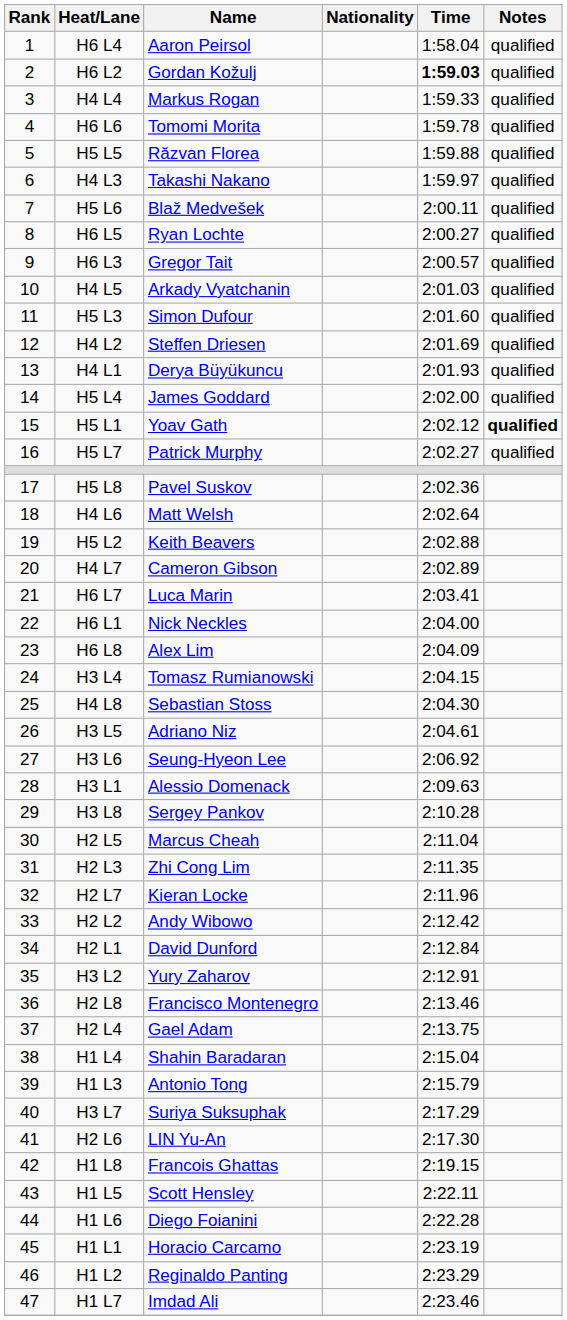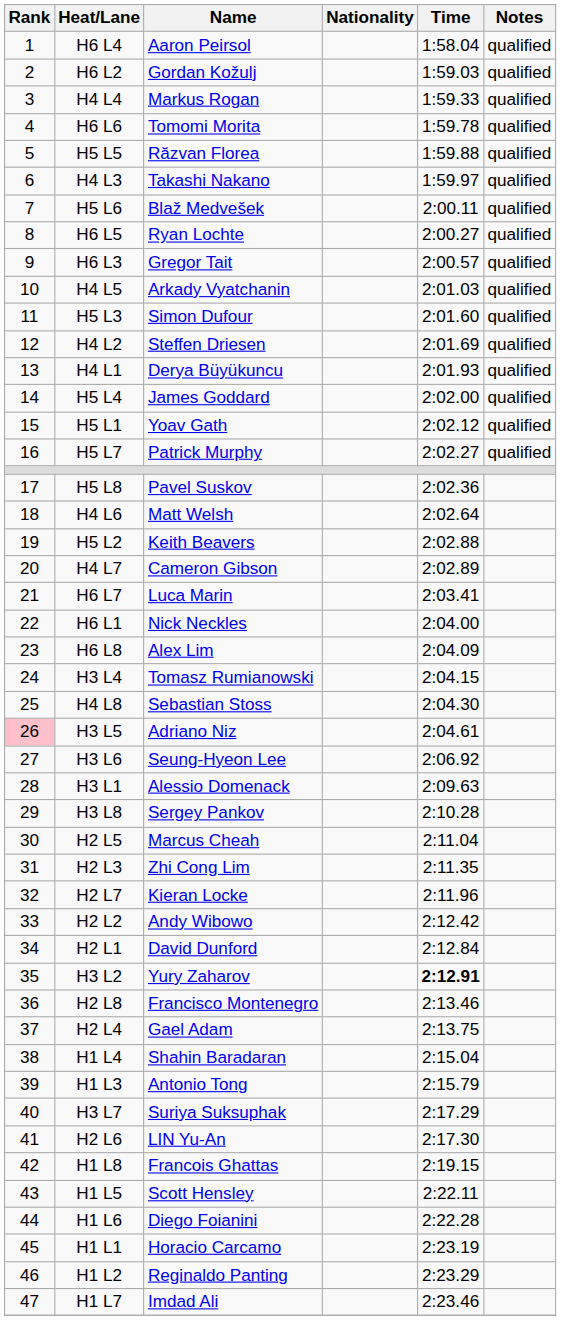 <table class="wikitable sortable" style="text-align:center">
 <tr>
 <th>Rank</th>
 <th>Heat/Lane</th>
 <th>Name</th>
 <th>Nationality</th>
 <th>Time</th>
 <th>Notes</th>
 </tr>
 <tr>
 <td>1</td>
 <td>H6 L4</td>
 <td align=left><a href='#'>Aaron Peirsol</a></td>
 <td align=left></td>
 <td>1:58.04</td>
 <td>qualified</td>
 </tr>
 <tr>
 <td>2</td>
 <td>H6 L2</td>
 <td align=left><a href='#'>Gordan Kožulj</a></td>
 <td align=left></td>
-<td><strong>1:59.03</strong></td>
+<td>1:59.03</td>
 <td>qualified</td>
 </tr>
 <tr>
 <td>3</td>
 <td>H4 L4</td>
 <td align=left><a href='#'>Markus Rogan</a></td>
 <td align=left></td>
 <td>1:59.33</td>
 <td>qualified</td>
 </tr>
 <tr>
 <td>4</td>
 <td>H6 L6</td>
 <td align=left><a href='#'>Tomomi Morita</a></td>
 <td align=left></td>
 <td>1:59.78</td>
 <td>qualified</td>
 </tr>
 <tr>
 <td>5</td>
 <td>H5 L5</td>
 <td align=left><a href='#'>Răzvan Florea</a></td>
 <td align=left></td>
 <td>1:59.88</td>
 <td>qualified</td>
 </tr>
 <tr>
 <td>6</td>
 <td>H4 L3</td>
 <td align=left><a href='#'>Takashi Nakano</a></td>
 <td align=left></td>
 <td>1:59.97</td>
 <td>qualified</td>
 </tr>
 <tr>
 <td>7</td>
 <td>H5 L6</td>
 <td align=left><a href='#'>Blaž Medvešek</a></td>
 <td align=left></td>
 <td>2:00.11</td>
 <td>qualified</td>
 </tr>
 <tr>
 <td>8</td>
 <td>H6 L5</td>
 <td align=left><a href='#'>Ryan Lochte</a></td>
 <td align=left></td>
 <td>2:00.27</td>
 <td>qualified</td>
 </tr>
 <tr>
 <td>9</td>
 <td>H6 L3</td>
 <td align=left><a href='#'>Gregor Tait</a></td>
 <td align=left></td>
 <td>2:00.57</td>
 <td>qualified</td>
 </tr>
 <tr>
 <td>10</td>
 <td>H4 L5</td>
 <td align=left><a href='#'>Arkady Vyatchanin</a></td>
 <td align=left></td>
 <td>2:01.03</td>
 <td>qualified</td>
 </tr>
 <tr>
 <td>11</td>
 <td>H5 L3</td>
 <td align=left><a href='#'>Simon Dufour</a></td>
 <td align=left></td>
 <td>2:01.60</td>
 <td>qualified</td>
 </tr>
 <tr>
 <td>12</td>
 <td>H4 L2</td>
 <td align=left><a href='#'>Steffen Driesen</a></td>
 <td align=left></td>
 <td>2:01.69</td>
 <td>qualified</td>
 </tr>
 <tr>
 <td>13</td>
 <td>H4 L1</td>
 <td align=left><a href='#'>Derya Büyükuncu</a></td>
 <td align=left></td>
 <td>2:01.93</td>
 <td>qualified</td>
 </tr>
 <tr>
 <td>14</td>
 <td>H5 L4</td>
 <td align=left><a href='#'>James Goddard</a></td>
 <td align=left></td>
 <td>2:02.00</td>
 <td>qualified</td>
 </tr>
 <tr>
 <td>15</td>
 <td>H5 L1</td>
 <td align=left><a href='#'>Yoav Gath</a></td>
 <td align=left></td>
 <td>2:02.12</td>
-<td><strong>qualified</strong></td>
+<td>qualified</td>
 </tr>
 <tr>
 <td>16</td>
 <td>H5 L7</td>
 <td align=left><a href='#'>Patrick Murphy</a></td>
 <td align=left></td>
 <td>2:02.27</td>
 <td>qualified</td>
 </tr>
 <tr bgcolor=#DDDDDD>
 <td colspan=6></td>
 </tr>
 <tr>
 <td>17</td>
 <td>H5 L8</td>
 <td align=left><a href='#'>Pavel Suskov</a></td>
 <td align=left></td>
 <td>2:02.36</td>
 <td></td>
 </tr>
 <tr>
 <td>18</td>
 <td>H4 L6</td>
 <td align=left><a href='#'>Matt Welsh</a></td>
 <td align=left></td>
 <td>2:02.64</td>
 <td></td>
 </tr>
 <tr>
 <td>19</td>
 <td>H5 L2</td>
 <td align=left><a href='#'>Keith Beavers</a></td>
 <td align=left></td>
 <td>2:02.88</td>
 <td></td>
 </tr>
 <tr>
 <td>20</td>
 <td>H4 L7</td>
 <td align=left><a href='#'>Cameron Gibson</a></td>
 <td align=left></td>
 <td>2:02.89</td>
 <td></td>
 </tr>
 <tr>
 <td>21</td>
 <td>H6 L7</td>
 <td align=left><a href='#'>Luca Marin</a></td>
 <td align=left></td>
 <td>2:03.41</td>
 <td></td>
 </tr>
 <tr>
 <td>22</td>
 <td>H6 L1</td>
 <td align=left><a href='#'>Nick Neckles</a></td>
 <td align=left></td>
 <td>2:04.00</td>
 <td></td>
 </tr>
 <tr>
 <td>23</td>
 <td>H6 L8</td>
 <td align=left><a href='#'>Alex Lim</a></td>
 <td align=left></td>
 <td>2:04.09</td>
 <td></td>
 </tr>
 <tr>
 <td>24</td>
 <td>H3 L4</td>
 <td align=left><a href='#'>Tomasz Rumianowski</a></td>
 <td align=left></td>
 <td>2:04.15</td>
 <td></td>
 </tr>
 <tr>
 <td>25</td>
 <td>H4 L8</td>
 <td align=left><a href='#'>Sebastian Stoss</a></td>
 <td align=left></td>
 <td>2:04.30</td>
 <td></td>
 </tr>
 <tr>
-<td>26</td>
+<td style="background: pink;">26</td>
 <td>H3 L5</td>
 <td align=left><a href='#'>Adriano Niz</a></td>
 <td align=left></td>
 <td>2:04.61</td>
 <td></td>
 </tr>
 <tr>
 <td>27</td>
 <td>H3 L6</td>
 <td align=left><a href='#'>Seung-Hyeon Lee</a></td>
 <td align=left></td>
 <td>2:06.92</td>
 <td></td>
 </tr>
 <tr>
 <td>28</td>
 <td>H3 L1</td>
 <td align=left><a href='#'>Alessio Domenack</a></td>
 <td align=left></td>
 <td>2:09.63</td>
 <td></td>
 </tr>
 <tr>
 <td>29</td>
 <td>H3 L8</td>
 <td align=left><a href='#'>Sergey Pankov</a></td>
 <td align=left></td>
 <td>2:10.28</td>
 <td></td>
 </tr>
 <tr>
 <td>30</td>
 <td>H2 L5</td>
 <td align=left><a href='#'>Marcus Cheah</a></td>
 <td align=left></td>
 <td>2:11.04</td>
 <td></td>
 </tr>
 <tr>
 <td>31</td>
 <td>H2 L3</td>
 <td align=left><a href='#'>Zhi Cong Lim</a></td>
 <td align=left></td>
 <td>2:11.35</td>
 <td></td>
 </tr>
 <tr>
 <td>32</td>
 <td>H2 L7</td>
 <td align=left><a href='#'>Kieran Locke</a></td>
 <td align=left></td>
 <td>2:11.96</td>
 <td></td>
 </tr>
 <tr>
 <td>33</td>
 <td>H2 L2</td>
 <td align=left><a href='#'>Andy Wibowo</a></td>
 <td align=left></td>
 <td>2:12.42</td>
 <td></td>
 </tr>
 <tr>
 <td>34</td>
 <td>H2 L1</td>
 <td align=left><a href='#'>David Dunford</a></td>
 <td align=left></td>
 <td>2:12.84</td>
 <td></td>
 </tr>
 <tr>
 <td>35</td>
 <td>H3 L2</td>
 <td align=left><a href='#'>Yury Zaharov</a></td>
 <td align=left></td>
-<td>2:12.91</td>
+<td><strong>2:12.91</strong></td>
 <td></td>
 </tr>
 <tr>
 <td>36</td>
 <td>H2 L8</td>
 <td align=left><a href='#'>Francisco Montenegro</a></td>
 <td align=left></td>
 <td>2:13.46</td>
 <td></td>
 </tr>
 <tr>
 <td>37</td>
 <td>H2 L4</td>
 <td align=left><a href='#'>Gael Adam</a></td>
 <td align=left></td>
 <td>2:13.75</td>
 <td></td>
 </tr>
 <tr>
 <td>38</td>
 <td>H1 L4</td>
 <td align=left><a href='#'>Shahin Baradaran</a></td>
 <td align=left></td>
 <td>2:15.04</td>
 <td></td>
 </tr>
 <tr>
 <td>39</td>
 <td>H1 L3</td>
 <td align=left><a href='#'>Antonio Tong</a></td>
 <td align=left></td>
 <td>2:15.79</td>
 <td></td>
 </tr>
 <tr>
 <td>40</td>
 <td>H3 L7</td>
 <td align=left><a href='#'>Suriya Suksuphak</a></td>
 <td align=left></td>
 <td>2:17.29</td>
 <td></td>
 </tr>
 <tr>
 <td>41</td>
 <td>H2 L6</td>
 <td align=left><a href='#'>LIN Yu-An</a></td>
 <td align=left></td>
 <td>2:17.30</td>
 <td></td>
 </tr>
 <tr>
 <td>42</td>
 <td>H1 L8</td>
 <td align=left><a href='#'>Francois Ghattas</a></td>
 <td align=left></td>
 <td>2:19.15</td>
 <td></td>
 </tr>
 <tr>
 <td>43</td>
 <td>H1 L5</td>
 <td align=left><a href='#'>Scott Hensley</a></td>
 <td align=left></td>
 <td>2:22.11</td>
 <td></td>
 </tr>
 <tr>
 <td>44</td>
 <td>H1 L6</td>
 <td align=left><a href='#'>Diego Foianini</a></td>
 <td align=left></td>
 <td>2:22.28</td>
 <td></td>
 </tr>
 <tr>
 <td>45</td>
 <td>H1 L1</td>
 <td align=left><a href='#'>Horacio Carcamo</a></td>
 <td align=left></td>
 <td>2:23.19</td>
 <td></td>
 </tr>
 <tr>
 <td>46</td>
 <td>H1 L2</td>
 <td align=left><a href='#'>Reginaldo Panting</a></td>
 <td align=left></td>
 <td>2:23.29</td>
 <td></td>
 </tr>
 <tr>
 <td>47</td>
 <td>H1 L7</td>
 <td align=left><a href='#'>Imdad Ali</a></td>
 <td align=left></td>
 <td>2:23.46</td>
 <td></td>
 </tr>
 <tr>
 </tr>
 </table>
